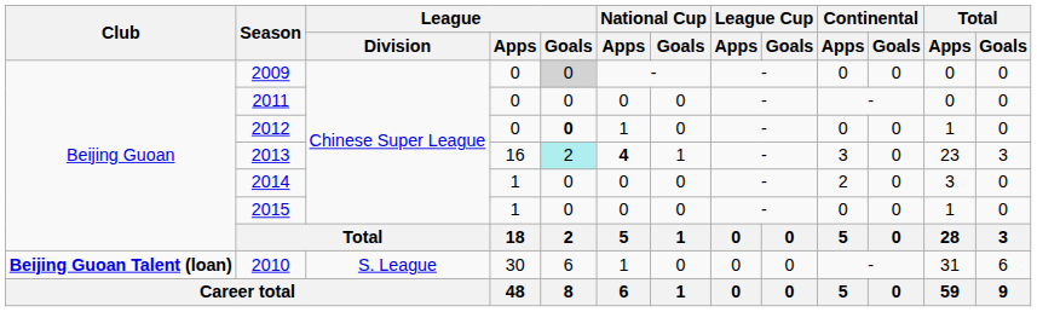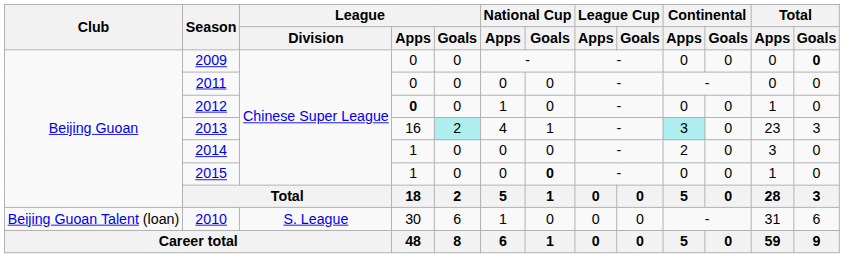 <table class="wikitable" style="text-align: center">
 <tr>
 <th rowspan="2">Club</th>
 <th rowspan="2">Season</th>
 <th colspan="3">League</th>
 <th colspan="2">National Cup</th>
 <th colspan="2">League Cup</th>
 <th colspan="2">Continental</th>
 <th colspan="2">Total</th>
 </tr>
 <tr>
 <th>Division</th>
 <th>Apps</th>
 <th>Goals</th>
 <th>Apps</th>
 <th>Goals</th>
 <th>Apps</th>
 <th>Goals</th>
 <th>Apps</th>
 <th>Goals</th>
 <th>Apps</th>
 <th>Goals</th>
 </tr>
 <tr>
 <td rowspan=7><a href='#'>Beijing Guoan</a></td>
 <td><a href='#'>2009</a></td>
 <td rowspan=6><a href='#'>Chinese Super League</a></td>
 <td>0</td>
-<td style="background: lightgrey;">0</td>
+<td>0</td>
 <td colspan="2">-</td>
 <td colspan="2">-</td>
 <td>0</td>
 <td>0</td>
 <td>0</td>
-<td>0</td>
+<td><strong>0</strong></td>
 </tr>
 <tr>
 <td><a href='#'>2011</a></td>
 <td>0</td>
 <td>0</td>
 <td>0</td>
 <td>0</td>
 <td colspan="2">-</td>
 <td colspan="2">-</td>
 <td>0</td>
 <td>0</td>
 </tr>
 <tr>
 <td><a href='#'>2012</a></td>
+<td><strong>0</strong></td>
 <td>0</td>
-<td><strong>0</strong></td>
 <td>1</td>
 <td>0</td>
 <td colspan="2">-</td>
 <td>0</td>
 <td>0</td>
 <td>1</td>
 <td>0</td>
 </tr>
 <tr>
 <td><a href='#'>2013</a></td>
 <td>16</td>
 <td style="background: paleturquoise;">2</td>
-<td><strong>4</strong></td>
+<td>4</td>
 <td>1</td>
 <td colspan="2">-</td>
-<td>3</td>
+<td style="background: paleturquoise;">3</td>
 <td>0</td>
 <td>23</td>
 <td>3</td>
 </tr>
 <tr>
 <td><a href='#'>2014</a></td>
 <td>1</td>
 <td>0</td>
 <td>0</td>
 <td>0</td>
 <td colspan="2">-</td>
 <td>2</td>
 <td>0</td>
 <td>3</td>
 <td>0</td>
 </tr>
 <tr>
 <td><a href='#'>2015</a></td>
 <td>1</td>
 <td>0</td>
 <td>0</td>
-<td>0</td>
+<td><strong>0</strong></td>
 <td colspan="2">-</td>
 <td>0</td>
 <td>0</td>
 <td>1</td>
 <td>0</td>
 </tr>
 <tr>
 <th colspan="2"><strong>Total</strong></th>
 <th>18</th>
 <th>2</th>
 <th>5</th>
 <th>1</th>
 <th>0</th>
 <th>0</th>
 <th>5</th>
 <th>0</th>
 <th>28</th>
 <th>3</th>
 </tr>
 <tr>
-<td><strong><a href='#'>Beijing Guoan Talent</a> (loan)</strong></td>
+<td><a href='#'>Beijing Guoan Talent</a> (loan)</td>
 <td><a href='#'>2010</a></td>
 <td><a href='#'>S. League</a></td>
 <td>30</td>
 <td>6</td>
 <td>1</td>
 <td>0</td>
 <td>0</td>
 <td>0</td>
 <td colspan="2">-</td>
 <td>31</td>
 <td>6</td>
 </tr>
 <tr>
 <th colspan=3>Career total</th>
 <th>48</th>
 <th>8</th>
 <th>6</th>
 <th>1</th>
 <th>0</th>
 <th>0</th>
 <th>5</th>
 <th>0</th>
 <th>59</th>
 <th>9</th>
 </tr>
 </table>
